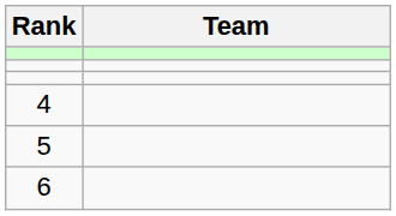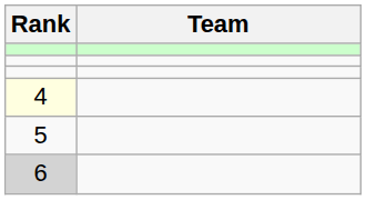 <table class=wikitable style="text-align:center;">
 <tr>
 <th>Rank</th>
 <th width=180>Team</th>
 </tr>
 <tr bgcolor=#CCFFCC>
 <td></td>
 <td align=left></td>
 </tr>
 <tr>
 <td></td>
 <td align=left></td>
 </tr>
 <tr>
 <td></td>
 <td align=left></td>
 </tr>
 <tr>
-<td>4</td>
+<td style="background: lightyellow;">4</td>
 <td align=left></td>
 </tr>
 <tr>
 <td>5</td>
 <td align=left></td>
 </tr>
 <tr>
-<td>6</td>
+<td style="background: lightgrey;">6</td>
 <td align=left></td>
 </tr>
 </table>
